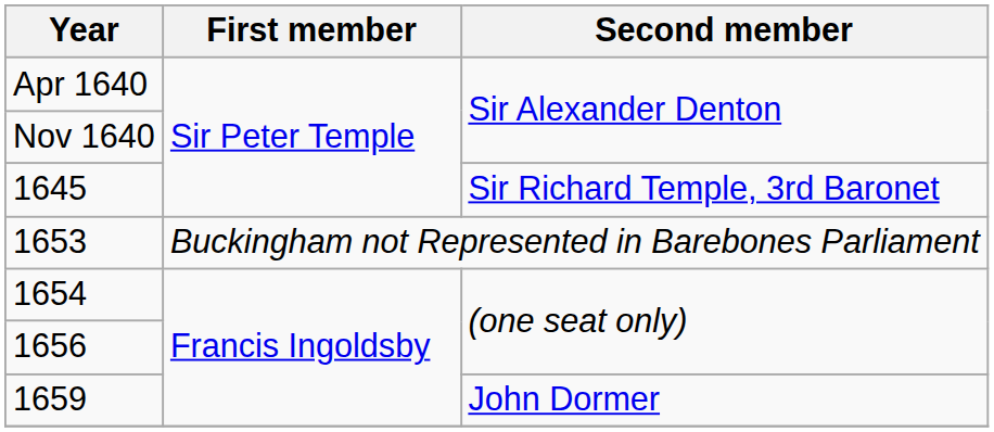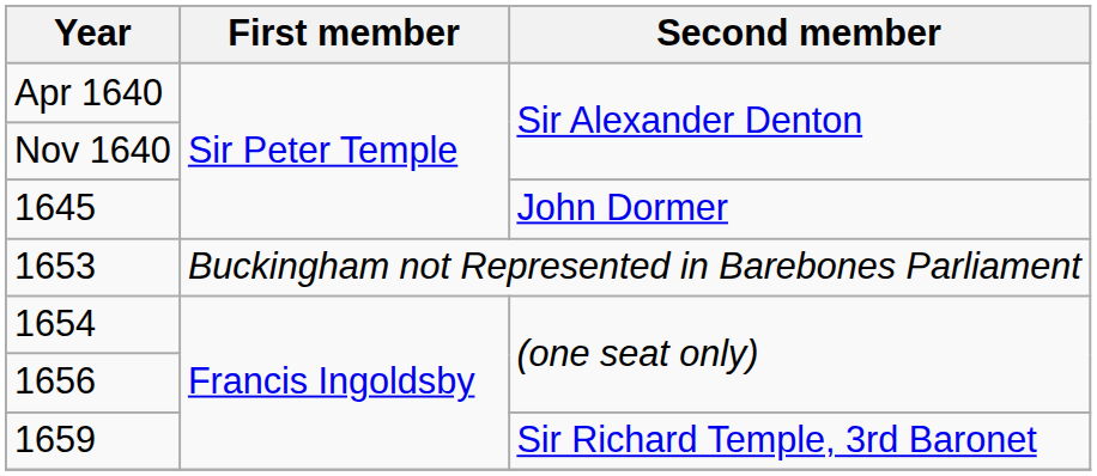 <table class="wikitable">
 <tr>
 <th>Year</th>
 <th>First member</th>
 <th>Second member</th>
 </tr>
 <tr>
 <td>Apr 1640</td>
 <td rowspan="3"><a href='#'>Sir Peter Temple</a></td>
 <td rowspan="2"><a href='#'>Sir Alexander Denton</a></td>
 </tr>
 <tr>
 <td>Nov 1640</td>
 </tr>
 <tr>
 <td>1645</td>
-<td><a href='#'>Sir Richard Temple, 3rd Baronet</a></td>
+<td><a href='#'>John Dormer</a></td>
 </tr>
 <tr>
 <td>1653</td>
 <td colspan="2"><em>Buckingham not Represented in Barebones Parliament</em></td>
 </tr>
 <tr>
 <td>1654</td>
 <td rowspan="3"><a href='#'>Francis Ingoldsby</a></td>
 <td rowspan="2"><em>(one seat only)</em></td>
 </tr>
 <tr>
 <td>1656</td>
 </tr>
 <tr>
 <td>1659</td>
-<td><a href='#'>John Dormer</a></td>
+<td><a href='#'>Sir Richard Temple, 3rd Baronet</a></td>
 </tr>
 <tr>
 </tr>
 </table>
